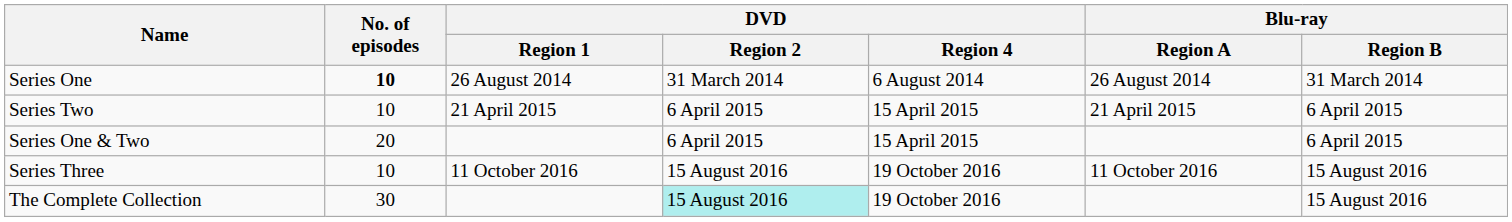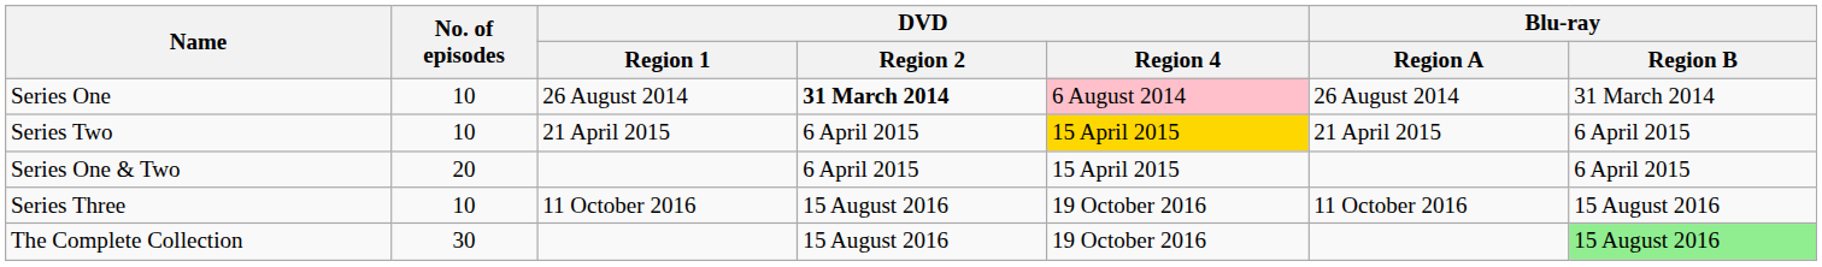 <table class="wikitable plainrowheaders" style="width:100%;">
 <tr>
 <th scope="col" rowspan="2">Name</th>
 <th scope="col" rowspan="2">No. of<br>episodes</th>
 <th scope="col" colspan="3">DVD</th>
 <th scope="col" colspan="2">Blu-ray</th>
 </tr>
 <tr>
 <th scope="col">Region 1</th>
 <th scope="col">Region 2</th>
 <th scope="col">Region 4</th>
 <th scope="col">Region A</th>
 <th scope="col">Region B</th>
 </tr>
 <tr>
 <td scope="row">Series One</td>
-<td style="text-align:center;"><strong>10</strong></td>
+<td style="text-align:center;">10</td>
 <td>26 August 2014</td>
-<td>31 March 2014</td>
-<td>6 August 2014</td>
+<td><strong>31 March 2014</strong></td>
+<td style="background: pink;">6 August 2014</td>
 <td>26 August 2014</td>
 <td>31 March 2014</td>
 </tr>
 <tr>
 <td scope="row">Series Two</td>
 <td style="text-align:center;">10</td>
 <td>21 April 2015</td>
 <td>6 April 2015</td>
-<td>15 April 2015</td>
+<td style="background: gold;">15 April 2015</td>
 <td>21 April 2015</td>
 <td>6 April 2015</td>
 </tr>
 <tr>
 <td scope="row">Series One & Two</td>
 <td style="text-align:center;">20</td>
 <td></td>
 <td>6 April 2015</td>
 <td>15 April 2015</td>
 <td></td>
 <td>6 April 2015</td>
 </tr>
 <tr>
 <td scope="row">Series Three</td>
 <td style="text-align:center;">10</td>
 <td>11 October 2016</td>
 <td>15 August 2016</td>
 <td>19 October 2016</td>
 <td>11 October 2016</td>
 <td>15 August 2016</td>
 </tr>
 <tr>
 <td scope="row">The Complete Collection</td>
 <td style="text-align:center;">30</td>
 <td></td>
-<td style="background: paleturquoise;">15 August 2016</td>
+<td>15 August 2016</td>
 <td>19 October 2016</td>
 <td></td>
-<td>15 August 2016</td>
+<td style="background: lightgreen;">15 August 2016</td>
 </tr>
 </table>
